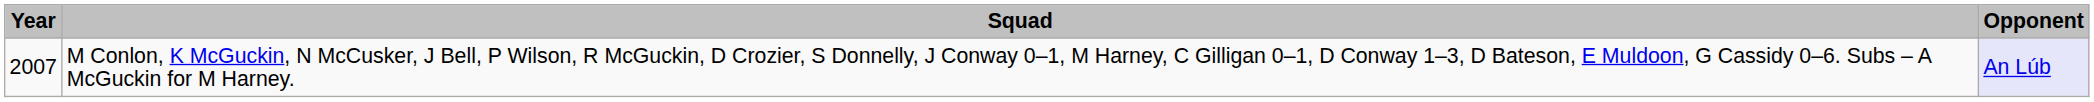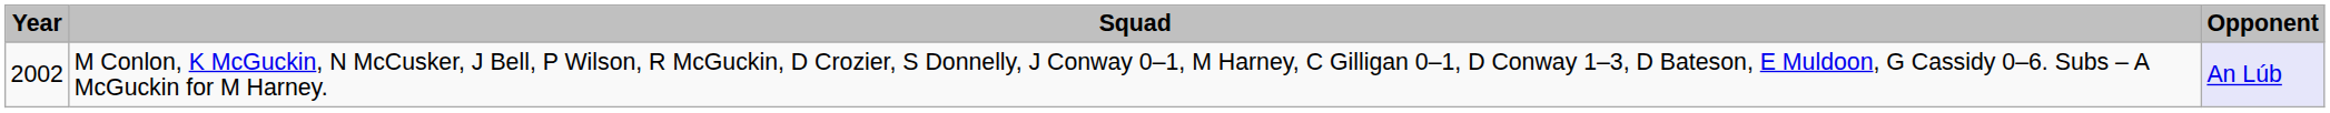 <table class="wikitable">
 <tr>
 <th style="background:silver;">Year</th>
 <th style="background:silver;">Squad</th>
 <th style="background:silver;">Opponent</th>
 </tr>
 <tr>
-<td>2007</td>
+<td>2002</td>
 <td>M Conlon, <a href='#'>K McGuckin</a>, N McCusker, J Bell, P Wilson, R McGuckin, D Crozier, S Donnelly, J Conway 0–1, M Harney, C Gilligan 0–1, D Conway 1–3, D Bateson, <a href='#'>E Muldoon</a>, G Cassidy 0–6. Subs – A McGuckin for M Harney.</td>
 <td style="background: lavender;"><a href='#'>An Lúb</a></td>
 </tr>
 </table>
